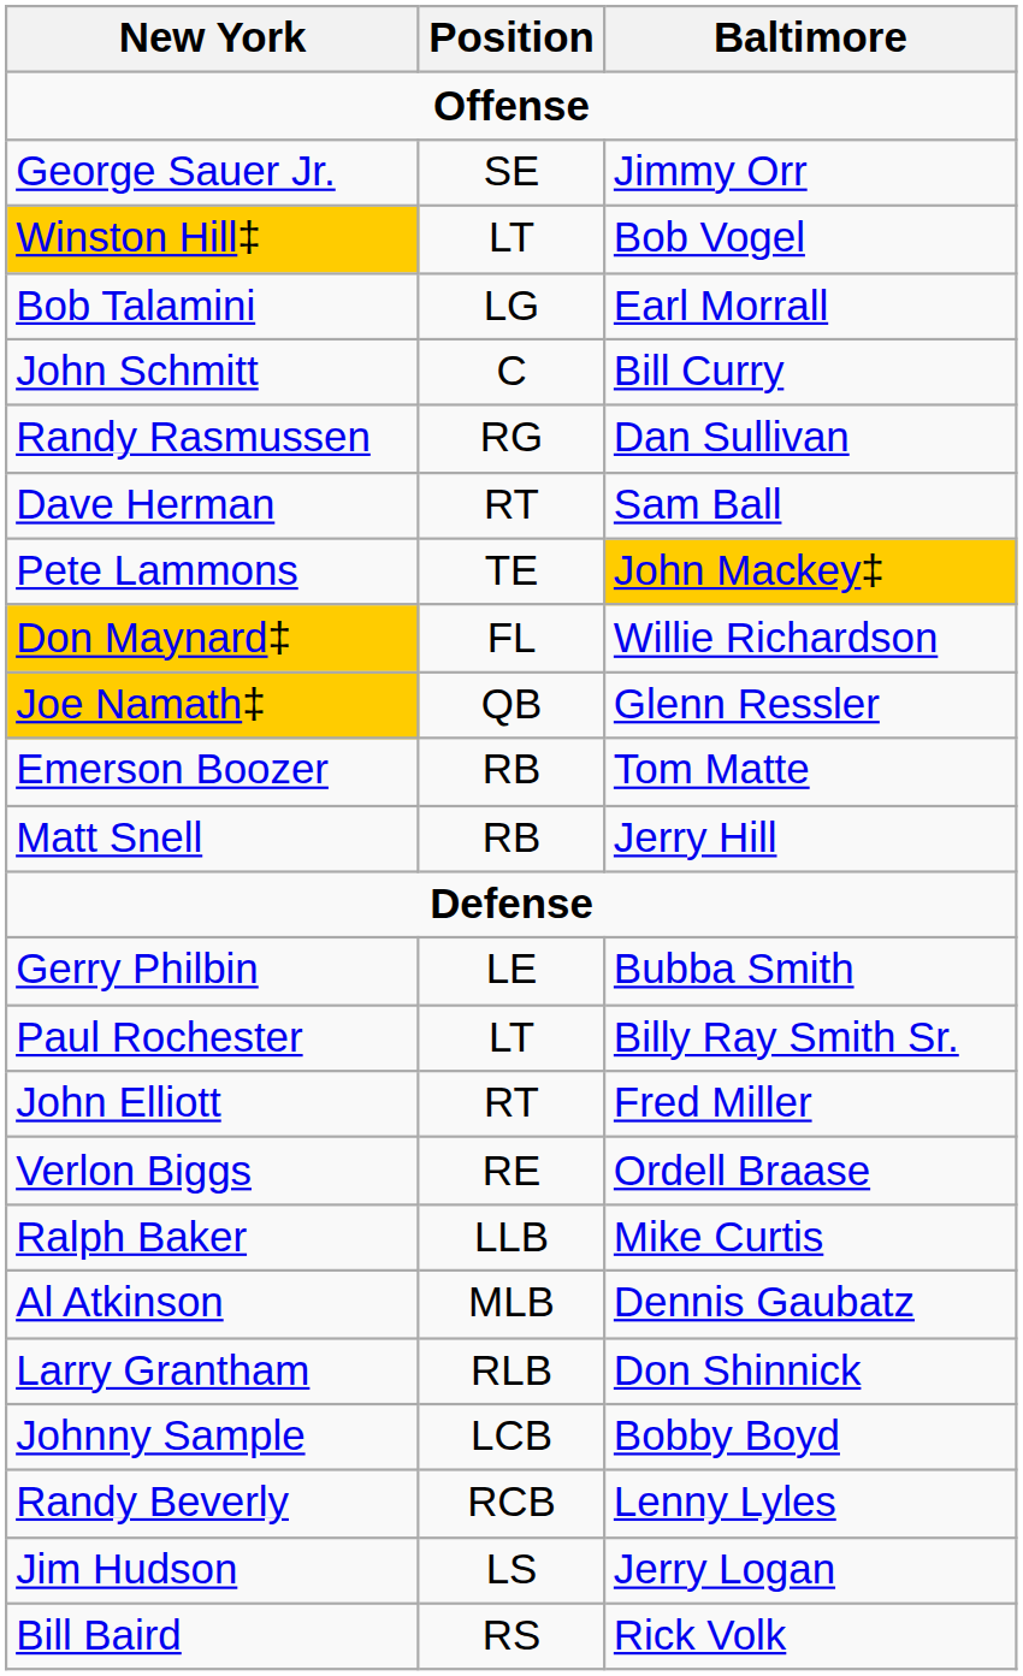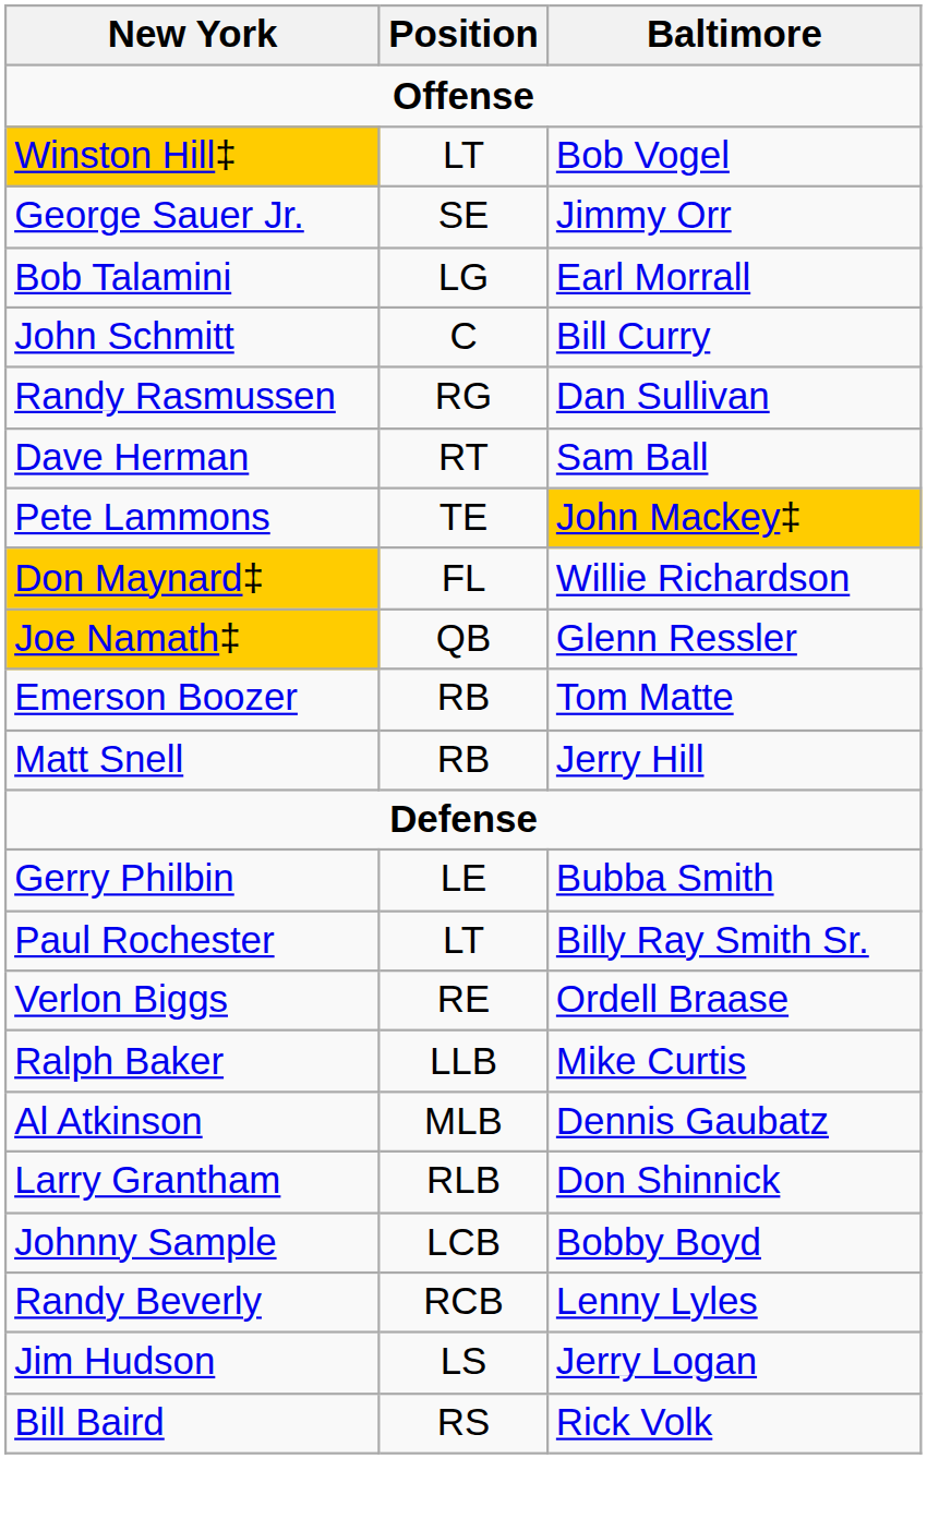 <table class="wikitable">
 <tr>
 <th width="150px">New York</th>
 <th>Position</th>
 <th width="150px">Baltimore</th>
 </tr>
 <tr>
 <td colspan="3" style="text-align:center;"><strong>Offense</strong></td>
 </tr>
 <tr>
+<td bgcolor="#FFCC00"><a href='#'>Winston Hill</a>‡</td>
+<td style="text-align:center;">LT</td>
+<td><a href='#'>Bob Vogel</a></td>
+</tr>
+<tr>
 <td><a href='#'>George Sauer Jr.</a></td>
 <td style="text-align:center;">SE</td>
 <td><a href='#'>Jimmy Orr</a></td>
-</tr>
-<tr>
-<td bgcolor="#FFCC00"><a href='#'>Winston Hill</a>‡</td>
-<td style="text-align:center;">LT</td>
-<td><a href='#'>Bob Vogel</a></td>
 </tr>
 <tr>
 <td><a href='#'>Bob Talamini</a></td>
 <td style="text-align:center;">LG</td>
 <td><a href='#'>Earl Morrall</a></td>
 </tr>
 <tr>
 <td><a href='#'>John Schmitt</a></td>
 <td style="text-align:center;">C</td>
 <td><a href='#'>Bill Curry</a></td>
 </tr>
 <tr>
 <td><a href='#'>Randy Rasmussen</a></td>
 <td style="text-align:center;">RG</td>
 <td><a href='#'>Dan Sullivan</a></td>
 </tr>
 <tr>
 <td><a href='#'>Dave Herman</a></td>
 <td style="text-align:center;">RT</td>
 <td><a href='#'>Sam Ball</a></td>
 </tr>
 <tr>
 <td><a href='#'>Pete Lammons</a></td>
 <td style="text-align:center;">TE</td>
 <td bgcolor="#FFCC00"><a href='#'>John Mackey</a>‡</td>
 </tr>
 <tr>
 <td bgcolor="#FFCC00"><a href='#'>Don Maynard</a>‡</td>
 <td style="text-align:center;">FL</td>
 <td><a href='#'>Willie Richardson</a></td>
 </tr>
 <tr>
 <td bgcolor="#FFCC00"><a href='#'>Joe Namath</a>‡</td>
 <td style="text-align:center;">QB</td>
 <td><a href='#'>Glenn Ressler</a></td>
 </tr>
 <tr>
 <td><a href='#'>Emerson Boozer</a></td>
 <td style="text-align:center;">RB</td>
 <td><a href='#'>Tom Matte</a></td>
 </tr>
 <tr>
 <td><a href='#'>Matt Snell</a></td>
 <td style="text-align:center;">RB</td>
 <td><a href='#'>Jerry Hill</a></td>
 </tr>
 <tr>
 <td colspan="3" style="text-align:center;"><strong>Defense</strong></td>
 </tr>
 <tr>
 <td><a href='#'>Gerry Philbin</a></td>
 <td style="text-align:center;">LE</td>
 <td><a href='#'>Bubba Smith</a></td>
 </tr>
 <tr>
 <td><a href='#'>Paul Rochester</a></td>
 <td style="text-align:center;">LT</td>
 <td><a href='#'>Billy Ray Smith Sr.</a></td>
 </tr>
 <tr>
-<td><a href='#'>John Elliott</a></td>
-<td style="text-align:center;">RT</td>
-<td><a href='#'>Fred Miller</a></td>
-</tr>
-<tr>
 <td><a href='#'>Verlon Biggs</a></td>
 <td style="text-align:center;">RE</td>
 <td><a href='#'>Ordell Braase</a></td>
 </tr>
 <tr>
 <td><a href='#'>Ralph Baker</a></td>
 <td style="text-align:center;">LLB</td>
 <td><a href='#'>Mike Curtis</a></td>
 </tr>
 <tr>
 <td><a href='#'>Al Atkinson</a></td>
 <td style="text-align:center;">MLB</td>
 <td><a href='#'>Dennis Gaubatz</a></td>
 </tr>
 <tr>
 <td><a href='#'>Larry Grantham</a></td>
 <td style="text-align:center;">RLB</td>
 <td><a href='#'>Don Shinnick</a></td>
 </tr>
 <tr>
 <td><a href='#'>Johnny Sample</a></td>
 <td style="text-align:center;">LCB</td>
 <td><a href='#'>Bobby Boyd</a></td>
 </tr>
 <tr>
 <td><a href='#'>Randy Beverly</a></td>
 <td style="text-align:center;">RCB</td>
 <td><a href='#'>Lenny Lyles</a></td>
 </tr>
 <tr>
 <td><a href='#'>Jim Hudson</a></td>
 <td style="text-align:center;">LS</td>
 <td><a href='#'>Jerry Logan</a></td>
 </tr>
 <tr>
 <td><a href='#'>Bill Baird</a></td>
 <td style="text-align:center;">RS</td>
 <td><a href='#'>Rick Volk</a></td>
 </tr>
 </table>
